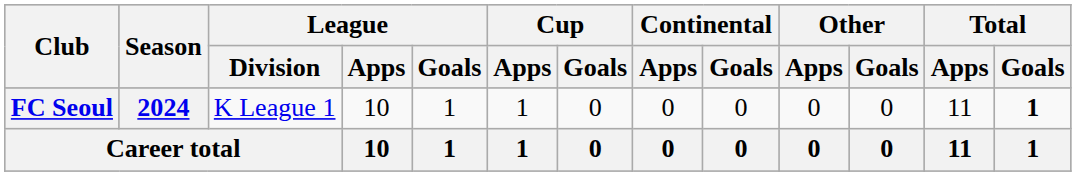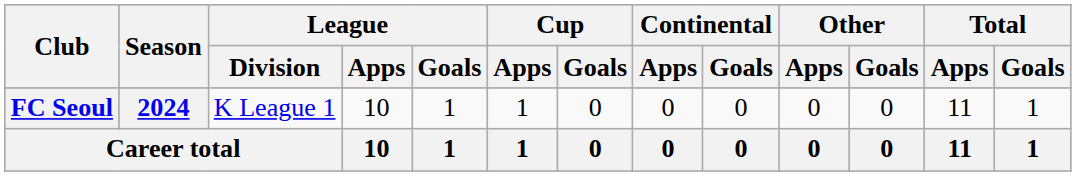 <table class="wikitable" style="text-align: center">
 <tr>
 <th scope="col" rowspan="2">Club</th>
 <th scope="col" rowspan="2">Season</th>
 <th scope="col" colspan="3">League</th>
 <th scope="col" colspan="2">Cup</th>
 <th scope="col" colspan="2">Continental</th>
 <th scope="col" colspan="2">Other</th>
 <th scope="col" colspan="2">Total</th>
 </tr>
 <tr>
 <th scope="col">Division</th>
 <th scope="col">Apps</th>
 <th scope="col">Goals</th>
 <th scope="col">Apps</th>
 <th scope="col">Goals</th>
 <th scope="col">Apps</th>
 <th scope="col">Goals</th>
 <th scope="col">Apps</th>
 <th scope="col">Goals</th>
 <th scope="col">Apps</th>
 <th scope="col">Goals</th>
 </tr>
 <tr>
 <th scope="row"><a href='#'>FC Seoul</a></th>
 <th scope="row"><a href='#'>2024</a></th>
 <td><a href='#'>K League 1</a></td>
 <td>10</td>
 <td>1</td>
 <td>1</td>
 <td>0</td>
 <td>0</td>
 <td>0</td>
 <td>0</td>
 <td>0</td>
 <td>11</td>
-<td><strong>1</strong></td>
+<td>1</td>
 </tr>
 <tr>
 <th scope="row" colspan="3">Career total</th>
 <th>10</th>
 <th>1</th>
 <th>1</th>
 <th>0</th>
 <th>0</th>
 <th>0</th>
 <th>0</th>
 <th>0</th>
 <th>11</th>
 <th>1</th>
 </tr>
 </table>
